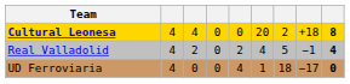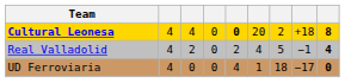 <table class="wikitable" style="text-align:center">
 <tr>
 <th width="175">Team</th>
 <th width="20"></th>
 <th width="20"></th>
 <th width="20"></th>
 <th width="20"></th>
 <th width="20"></th>
 <th width="20"></th>
 <th width="20"></th>
 <th width="20"></th>
 </tr>
 <tr bgcolor=gold>
 <td align=left><strong><a href='#'>Cultural Leonesa</a></strong></td>
 <td>4</td>
 <td>4</td>
 <td>0</td>
-<td>0</td>
+<td><strong>0</strong></td>
 <td>20</td>
 <td>2</td>
 <td>+18</td>
 <td><strong>8</strong></td>
 </tr>
 <tr bgcolor=silver>
 <td align=left><a href='#'>Real Valladolid</a></td>
 <td>4</td>
 <td>2</td>
 <td>0</td>
 <td>2</td>
 <td>4</td>
 <td>5</td>
 <td>−1</td>
 <td><strong>4</strong></td>
 </tr>
 <tr bgcolor=#cc9966>
 <td align=left>UD Ferroviaria</td>
 <td>4</td>
 <td>0</td>
 <td>0</td>
 <td>4</td>
 <td>1</td>
 <td>18</td>
 <td>−17</td>
 <td><strong>0</strong></td>
 </tr>
 </table>
